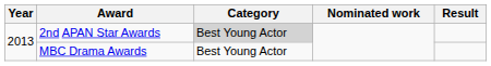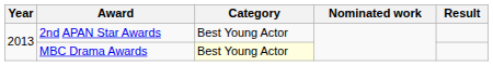 <table class="wikitable" style="width:650px">
 <tr>
 <th width=10>Year</th>
 <th>Award</th>
 <th>Category</th>
 <th>Nominated work</th>
 <th>Result</th>
 </tr>
 <tr>
 <td rowspan=2>2013</td>
 <td><a href='#'>2nd</a> <a href='#'>APAN Star Awards</a></td>
-<td style="background: lightgrey;">Best Young Actor</td>
+<td>Best Young Actor</td>
 <td rowspan=2></td>
 <td></td>
 </tr>
 <tr>
 <td><a href='#'>MBC Drama Awards</a></td>
-<td>Best Young Actor</td>
+<td style="background: lightyellow;">Best Young Actor</td>
 <td></td>
 </tr>
 </table>
